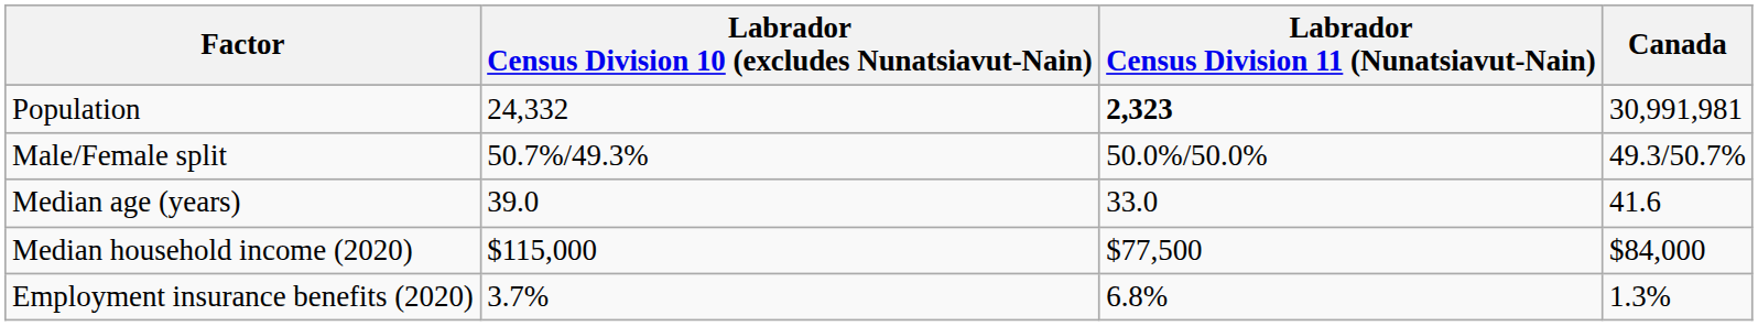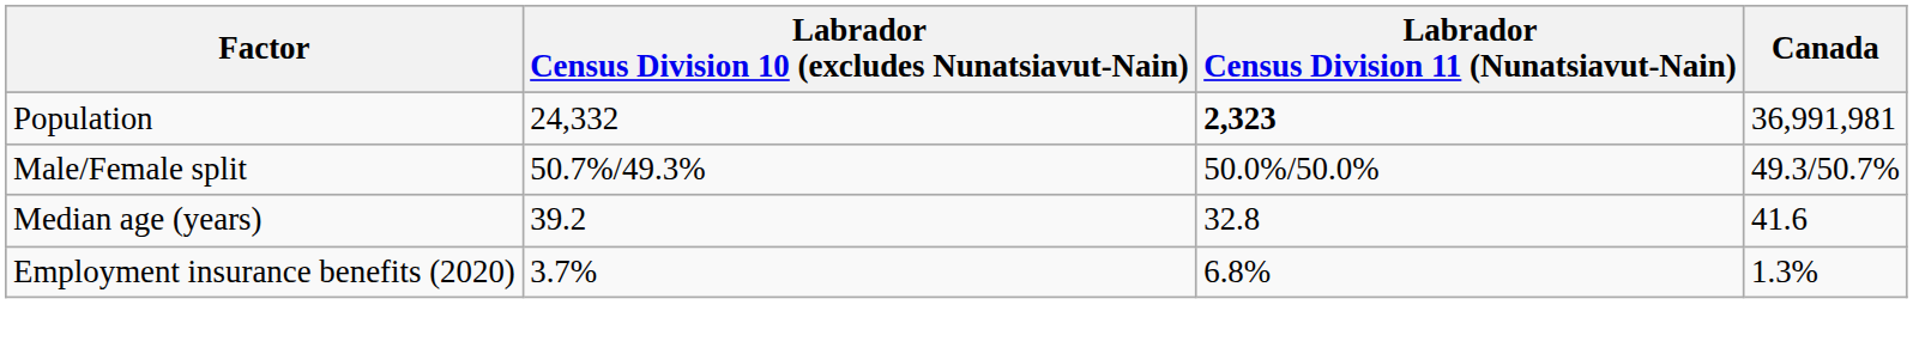 <table class="wikitable">
 <tr>
 <th>Factor</th>
 <th>Labrador<br><a href='#'>Census Division 10</a> (excludes Nunatsiavut-Nain)</th>
 <th>Labrador<br><a href='#'>Census Division 11</a> (Nunatsiavut-Nain)</th>
 <th>Canada</th>
 </tr>
 <tr>
 <td>Population</td>
 <td>24,332</td>
 <td><strong>2,323</strong></td>
-<td>30,991,981</td>
+<td>36,991,981</td>
 </tr>
 <tr>
 <td>Male/Female split</td>
 <td>50.7%/49.3%</td>
 <td>50.0%/50.0%</td>
 <td>49.3/50.7%</td>
 </tr>
 <tr>
 <td>Median age (years)</td>
-<td>39.0</td>
-<td>33.0</td>
+<td>39.2</td>
+<td>32.8</td>
 <td>41.6</td>
-</tr>
-<tr>
-<td>Median household income (2020)</td>
-<td>$115,000</td>
-<td>$77,500</td>
-<td>$84,000</td>
 </tr>
 <tr>
 <td>Employment insurance benefits (2020)</td>
 <td>3.7%</td>
 <td>6.8%</td>
 <td>1.3%</td>
 </tr>
 </table>
